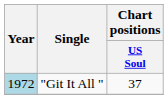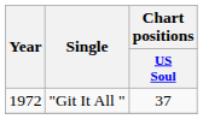 <table class="wikitable" style="text-align:center;">
 <tr>
 <th rowspan="2">Year</th>
 <th rowspan="2">Single</th>
 <th colspan="1">Chart positions</th>
 </tr>
 <tr style="font-size:smaller;">
 <th width="40"><a href='#'>US<br>Soul</a></th>
 </tr>
 <tr>
-<td rowspan="1" style="background: lightblue;">1972</td>
+<td rowspan="1">1972</td>
 <td align="left">"Git It All "</td>
 <td>37</td>
 </tr>
 <tr>
 </tr>
 </table>
